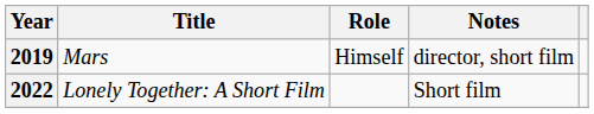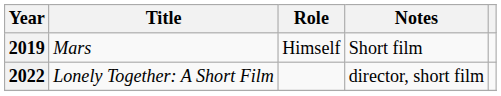 <table class="wikitable sortable plainrowheaders">
 <tr>
 <th scope="col">Year</th>
 <th scope="col">Title</th>
 <th scope="col">Role</th>
 <th scope="col" class="unsortable">Notes</th>
 <th scope="col" class="unsortable"></th>
 </tr>
 <tr>
 <th scope="row">2019</th>
 <td scope="row"><em>Mars</em></td>
 <td>Himself</td>
-<td>director, short film</td>
+<td>Short film</td>
 <td style="text-align:center;"></td>
 </tr>
 <tr>
 <th scope="row">2022</th>
 <td scope="row"><em>Lonely Together: A Short Film</em></td>
 <td></td>
-<td>Short film</td>
+<td>director, short film</td>
 <td style="text-align:center;"></td>
 </tr>
 <tr>
 </tr>
 </table>
